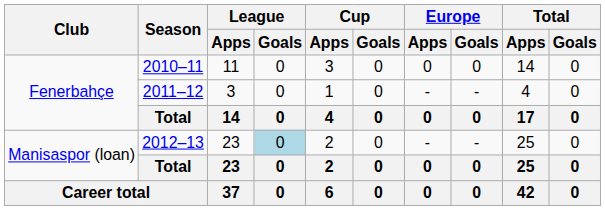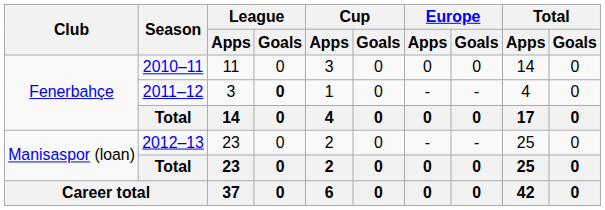 <table class="wikitable" style="text-align: center;">
 <tr>
 <th rowspan="2">Club</th>
 <th rowspan="2">Season</th>
 <th colspan="2">League</th>
 <th colspan="2">Cup</th>
 <th colspan="2"><a href='#'>Europe</a></th>
 <th colspan="3">Total</th>
 </tr>
 <tr>
 <th>Apps</th>
 <th>Goals</th>
 <th>Apps</th>
 <th>Goals</th>
 <th>Apps</th>
 <th>Goals</th>
 <th>Apps</th>
 <th>Goals</th>
 </tr>
 <tr>
 <td rowspan="3" valign="center"><a href='#'>Fenerbahçe</a></td>
 <td><a href='#'>2010–11</a></td>
 <td>11</td>
 <td>0</td>
 <td>3</td>
 <td>0</td>
 <td>0</td>
 <td>0</td>
 <td>14</td>
 <td>0</td>
 </tr>
 <tr>
 <td><a href='#'>2011–12</a></td>
 <td>3</td>
-<td>0</td>
+<td><strong>0</strong></td>
 <td>1</td>
 <td>0</td>
 <td>-</td>
 <td>-</td>
 <td>4</td>
 <td>0</td>
 </tr>
 <tr>
 <th>Total</th>
 <th>14</th>
 <th>0</th>
 <th>4</th>
 <th>0</th>
 <th>0</th>
 <th>0</th>
 <th>17</th>
 <th>0</th>
 </tr>
 <tr>
 <td rowspan="2" valign="center"><a href='#'>Manisaspor</a> (loan)</td>
 <td><a href='#'>2012–13</a></td>
 <td>23</td>
-<td style="background: lightblue;">0</td>
+<td>0</td>
 <td>2</td>
 <td>0</td>
 <td>-</td>
 <td>-</td>
 <td>25</td>
 <td>0</td>
 </tr>
 <tr>
 <th>Total</th>
 <th>23</th>
 <th>0</th>
 <th>2</th>
 <th>0</th>
 <th>0</th>
 <th>0</th>
 <th>25</th>
 <th>0</th>
 </tr>
 <tr>
 <th colspan=2>Career total</th>
 <th>37</th>
 <th>0</th>
 <th>6</th>
 <th>0</th>
 <th>0</th>
 <th>0</th>
 <th>42</th>
 <th>0</th>
 </tr>
 </table>
